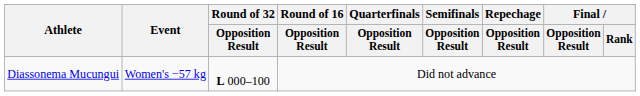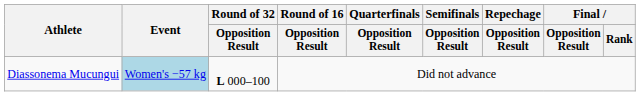 <table class="wikitable" style="font-size:90%">
 <tr>
 <th rowspan="2">Athlete</th>
 <th rowspan="2">Event</th>
 <th>Round of 32</th>
 <th>Round of 16</th>
 <th>Quarterfinals</th>
 <th>Semifinals</th>
 <th>Repechage</th>
 <th colspan=2>Final / </th>
 </tr>
 <tr style="font-size:95%">
 <th>Opposition<br>Result</th>
 <th>Opposition<br>Result</th>
 <th>Opposition<br>Result</th>
 <th>Opposition<br>Result</th>
 <th>Opposition<br>Result</th>
 <th>Opposition<br>Result</th>
 <th>Rank</th>
 </tr>
 <tr align=center>
 <td align=left><a href='#'>Diassonema Mucungui</a></td>
-<td align=left><a href='#'>Women's −57 kg</a></td>
+<td align=left style="background: lightblue;"><a href='#'>Women's −57 kg</a></td>
 <td><br><strong>L</strong> 000–100</td>
 <td colspan=6>Did not advance</td>
 </tr>
 </table>
